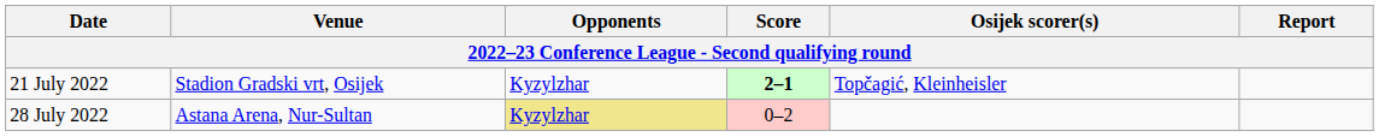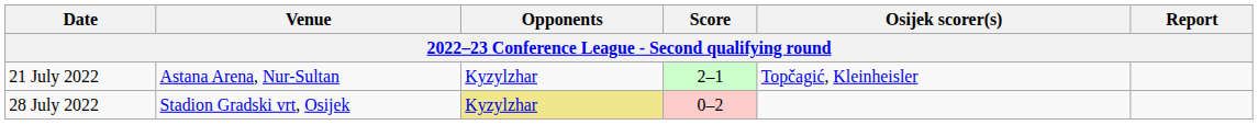 <table class="wikitable" style="font-size:95%;">
 <tr>
 <th width=125>Date</th>
 <th width=260>Venue</th>
 <th width=170>Opponents</th>
 <th width= 75>Score</th>
 <th width=320>Osijek scorer(s)</th>
 <th width=100>Report</th>
 </tr>
 <tr>
 <th colspan=7><a href='#'>2022–23 Conference League - Second qualifying round</a></th>
 </tr>
 <tr>
 <td>21 July 2022</td>
-<td><a href='#'>Stadion Gradski vrt</a>, <a href='#'>Osijek</a></td>
+<td><a href='#'>Astana Arena</a>, <a href='#'>Nur-Sultan</a></td>
 <td> <a href='#'>Kyzylzhar</a></td>
-<td align=center bgcolor=#CCFFCC><strong>2–1</strong></td>
+<td align=center bgcolor=#CCFFCC>2–1</td>
 <td><a href='#'>Topčagić</a>, <a href='#'>Kleinheisler</a></td>
 <td></td>
 </tr>
 <tr>
 <td>28 July 2022</td>
-<td><a href='#'>Astana Arena</a>, <a href='#'>Nur-Sultan</a></td>
+<td><a href='#'>Stadion Gradski vrt</a>, <a href='#'>Osijek</a></td>
 <td style="background: khaki;"> <a href='#'>Kyzylzhar</a></td>
 <td align=center bgcolor=#FFCCCC>0–2</td>
 <td></td>
 <td></td>
 </tr>
 <tr>
 </tr>
 </table>
